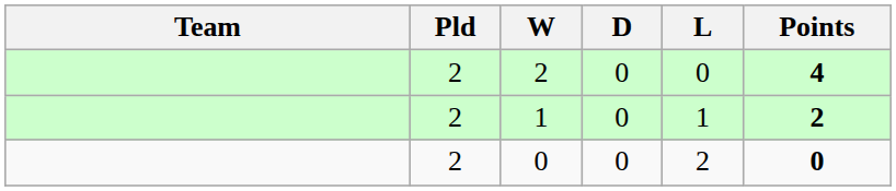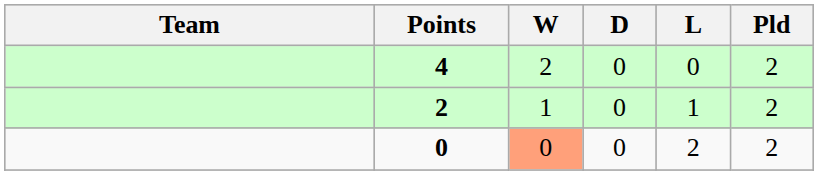 <table class=wikitable style="text-align:center" width=500>
 <tr>
 <th width=25%>Team</th>
-<th width=5%>Pld</th>
+<th width=8%>Points</th>
 <th width=5%>W</th>
 <th width=5%>D</th>
 <th width=5%>L</th>
-<th width=8%>Points</th>
+<th width=5%>Pld</th>
 </tr>
 <tr bgcolor=#ccffcc>
 <td align="left"></td>
-<td>2</td>
-<td>2</td>
-<td>0</td>
-<td>0</td>
 <td><strong>4</strong></td>
-</tr>
-<tr bgcolor=#ccffcc>
-<td align="left"></td>
-<td>2</td>
-<td>1</td>
-<td>0</td>
-<td>1</td>
-<td><strong>2</strong></td>
-</tr>
-<tr>
-<td align="left"></td>
 <td>2</td>
 <td>0</td>
 <td>0</td>
 <td>2</td>
+</tr>
+<tr bgcolor=#ccffcc>
+<td align="left"></td>
+<td><strong>2</strong></td>
+<td>1</td>
+<td>0</td>
+<td>1</td>
+<td>2</td>
+</tr>
+<tr>
+<td align="left"></td>
 <td><strong>0</strong></td>
+<td style="background: lightsalmon;">0</td>
+<td>0</td>
+<td>2</td>
+<td>2</td>
 </tr>
 </table>
